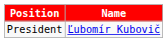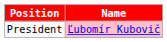 <table class="wikitable">
 <tr>
 <th style="color:#FFFFFF; background:#FF0000">Position</th>
 <th style="color:#FFFFFF; background:#FF0000">Name</th>
 </tr>
 <tr>
 <td>President</td>
-<td> <a href='#'>Ľubomír Kubovič</a></td>
+<td style="background: pink;"> <a href='#'>Ľubomír Kubovič</a></td>
 </tr>
 </table>
